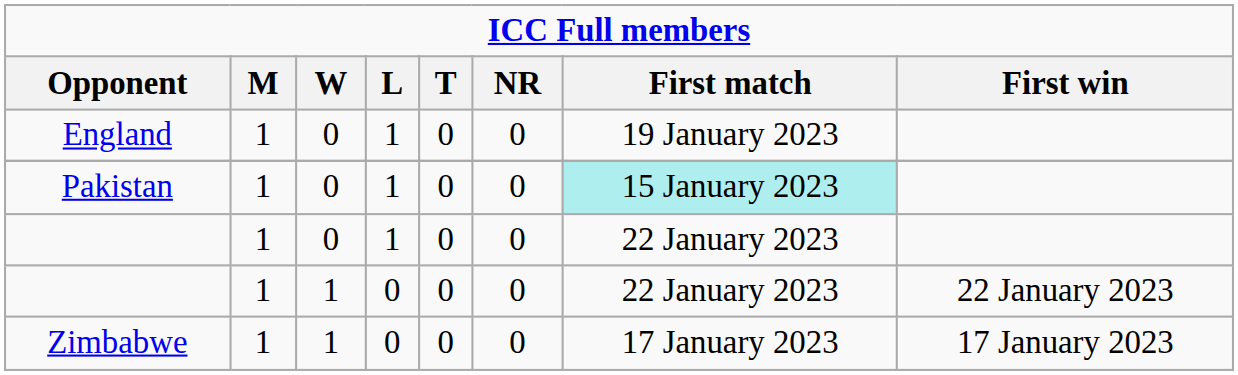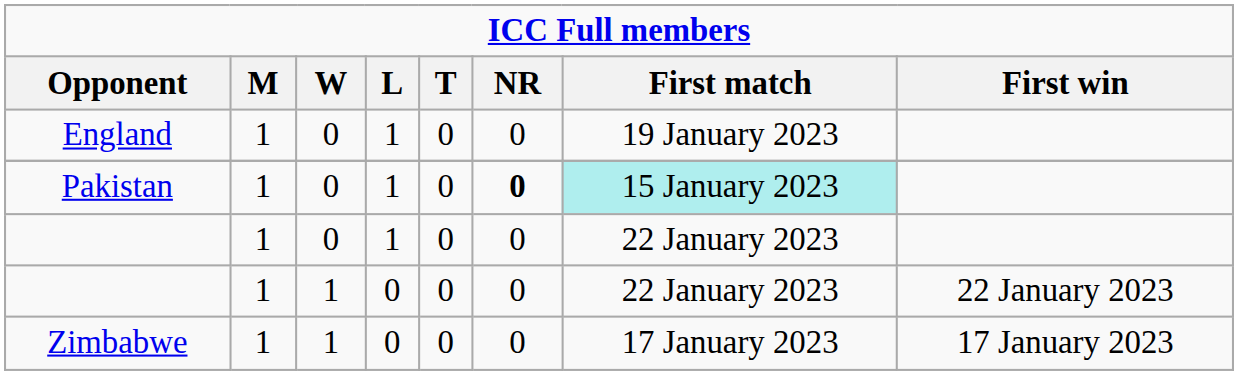 <table class="wikitable" style="text-align: center; width: 600px">
 <tr>
 <td colspan="30" style="text-align: center;"><strong><a href='#'>ICC Full members</a></strong></td>
 </tr>
 <tr>
 <th>Opponent</th>
 <th>M</th>
 <th>W</th>
 <th>L</th>
 <th>T</th>
 <th>NR</th>
 <th>First match</th>
 <th>First win</th>
 </tr>
 <tr>
 <td> <a href='#'>England</a></td>
 <td>1</td>
 <td>0</td>
 <td>1</td>
 <td>0</td>
 <td>0</td>
 <td>19 January 2023</td>
 <td></td>
 </tr>
 <tr>
 </tr>
 <tr>
 <td> <a href='#'>Pakistan</a></td>
 <td>1</td>
 <td>0</td>
 <td>1</td>
 <td>0</td>
-<td>0</td>
+<td><strong>0</strong></td>
 <td style="background: paleturquoise;">15 January 2023</td>
 <td></td>
 </tr>
 <tr>
 <td></td>
 <td>1</td>
 <td>0</td>
 <td>1</td>
 <td>0</td>
 <td>0</td>
 <td>22 January 2023</td>
 <td></td>
 </tr>
 <tr>
 <td></td>
 <td>1</td>
 <td>1</td>
 <td>0</td>
 <td>0</td>
 <td>0</td>
 <td>22 January 2023</td>
 <td>22 January 2023</td>
 </tr>
 <tr>
 <td> <a href='#'>Zimbabwe</a></td>
 <td>1</td>
 <td>1</td>
 <td>0</td>
 <td>0</td>
 <td>0</td>
 <td>17 January 2023</td>
 <td>17 January 2023</td>
 </tr>
 </table>
